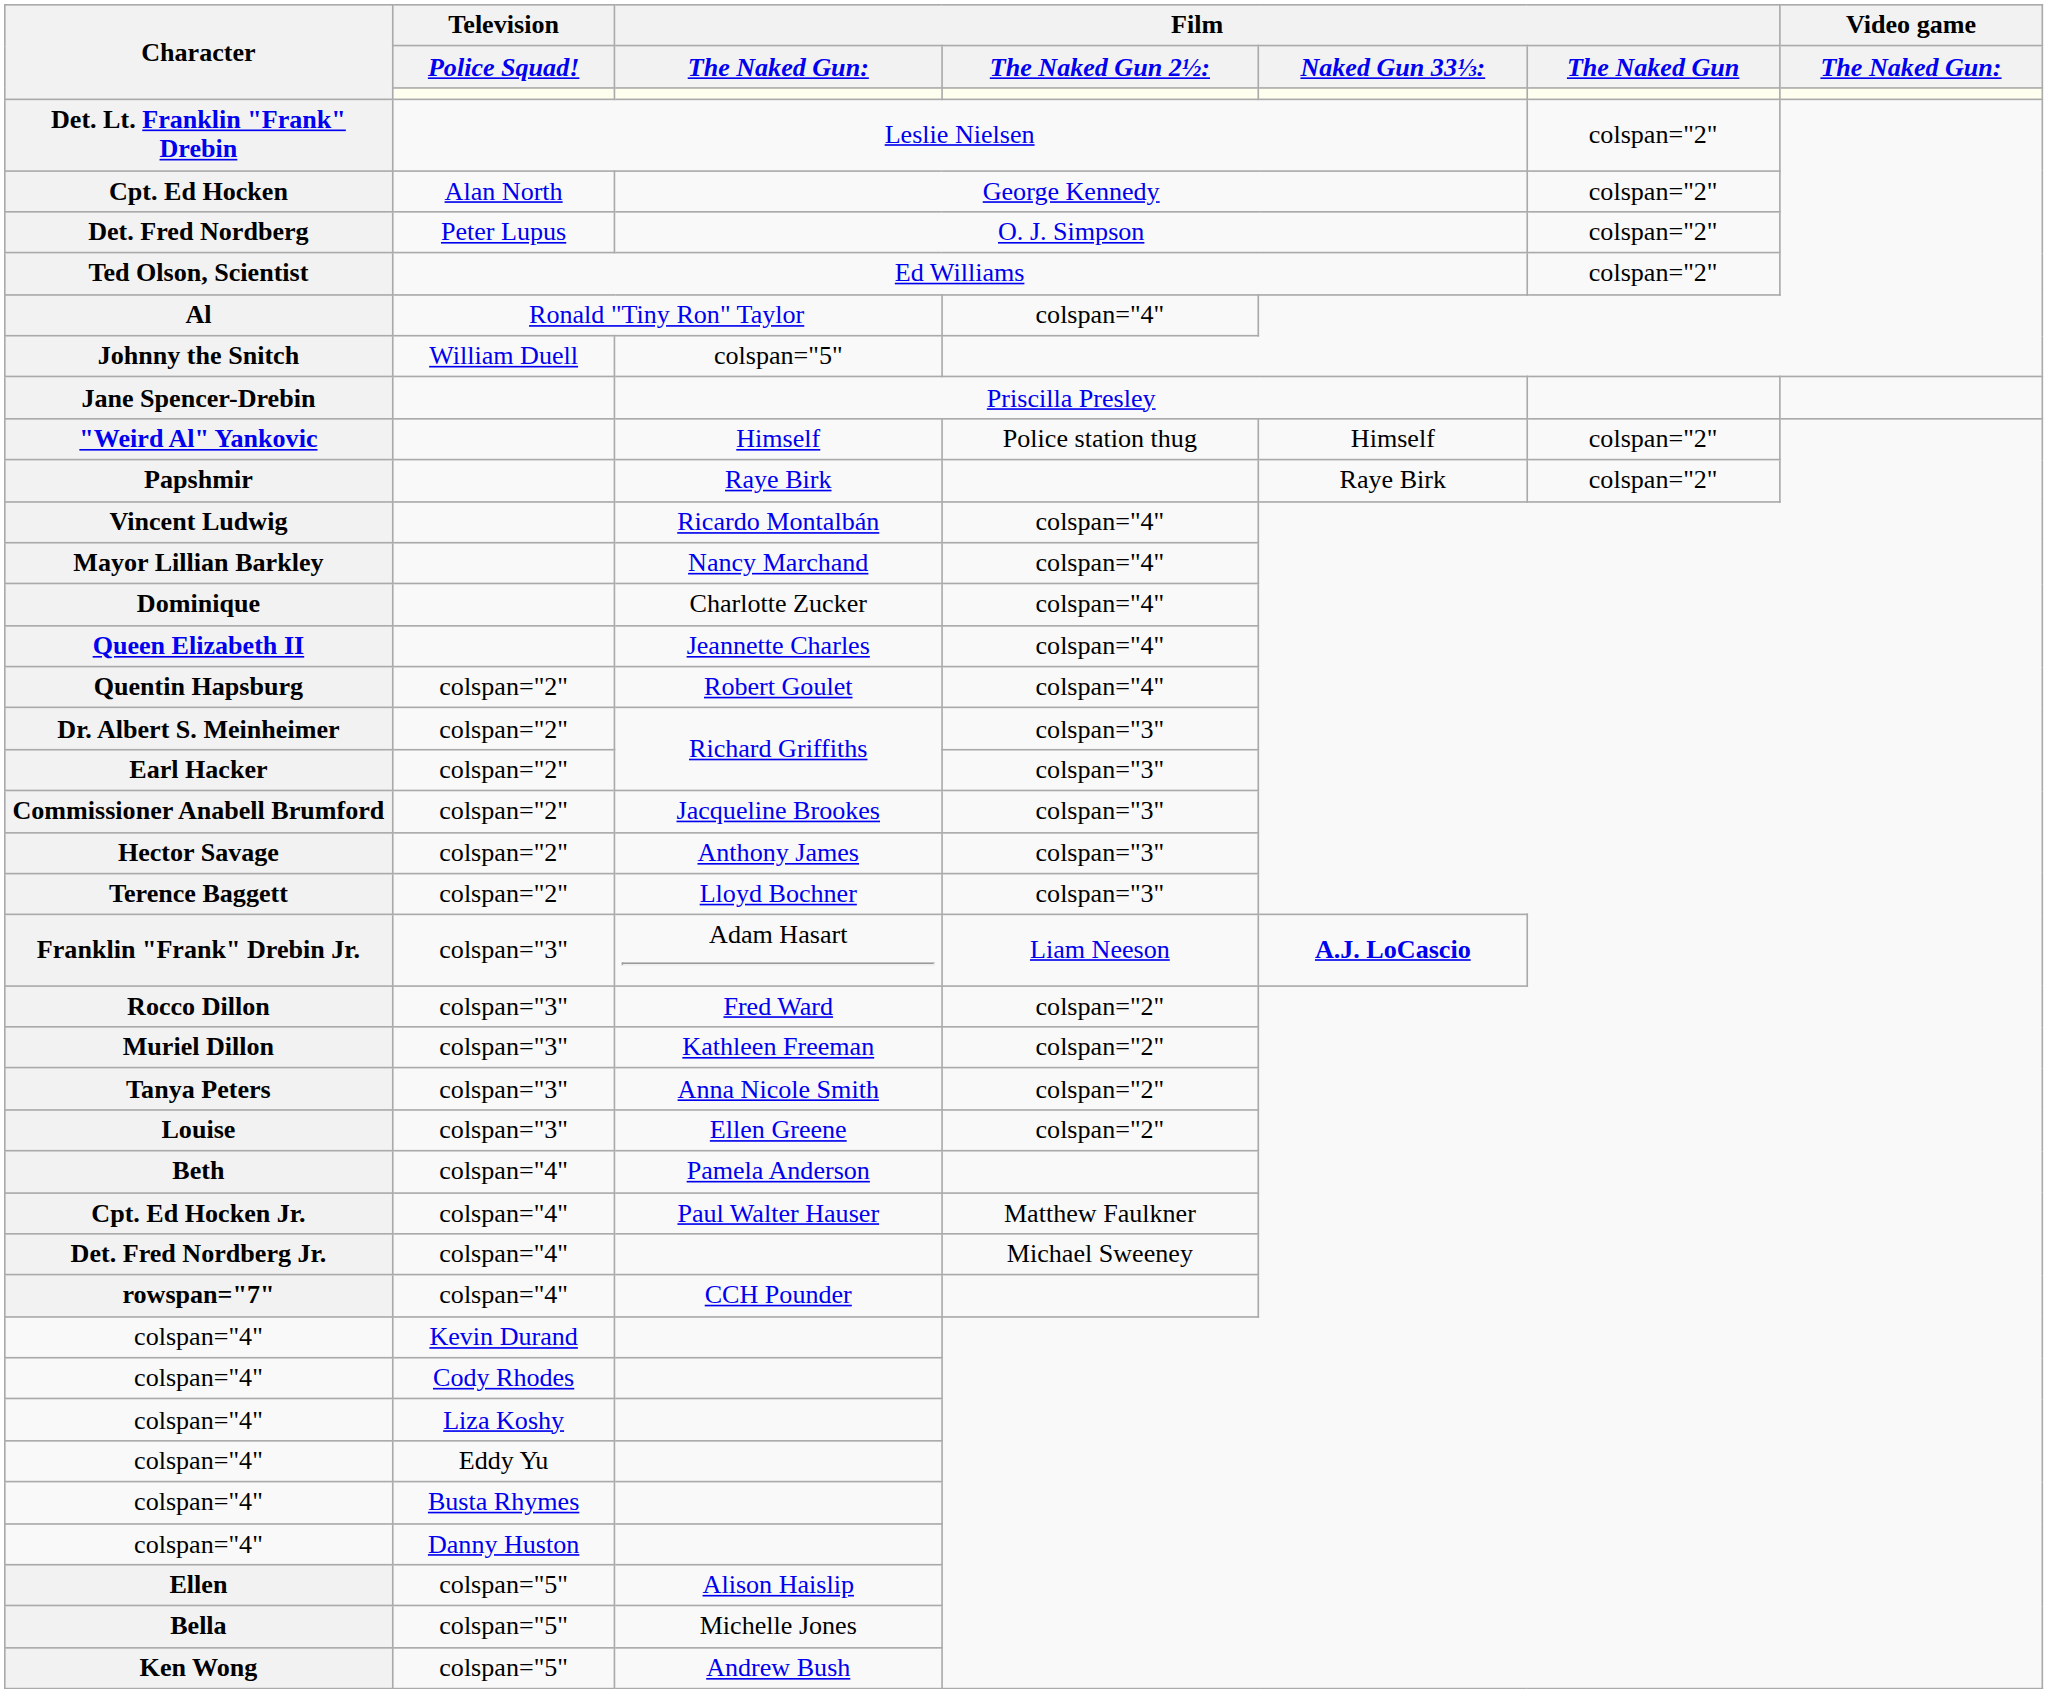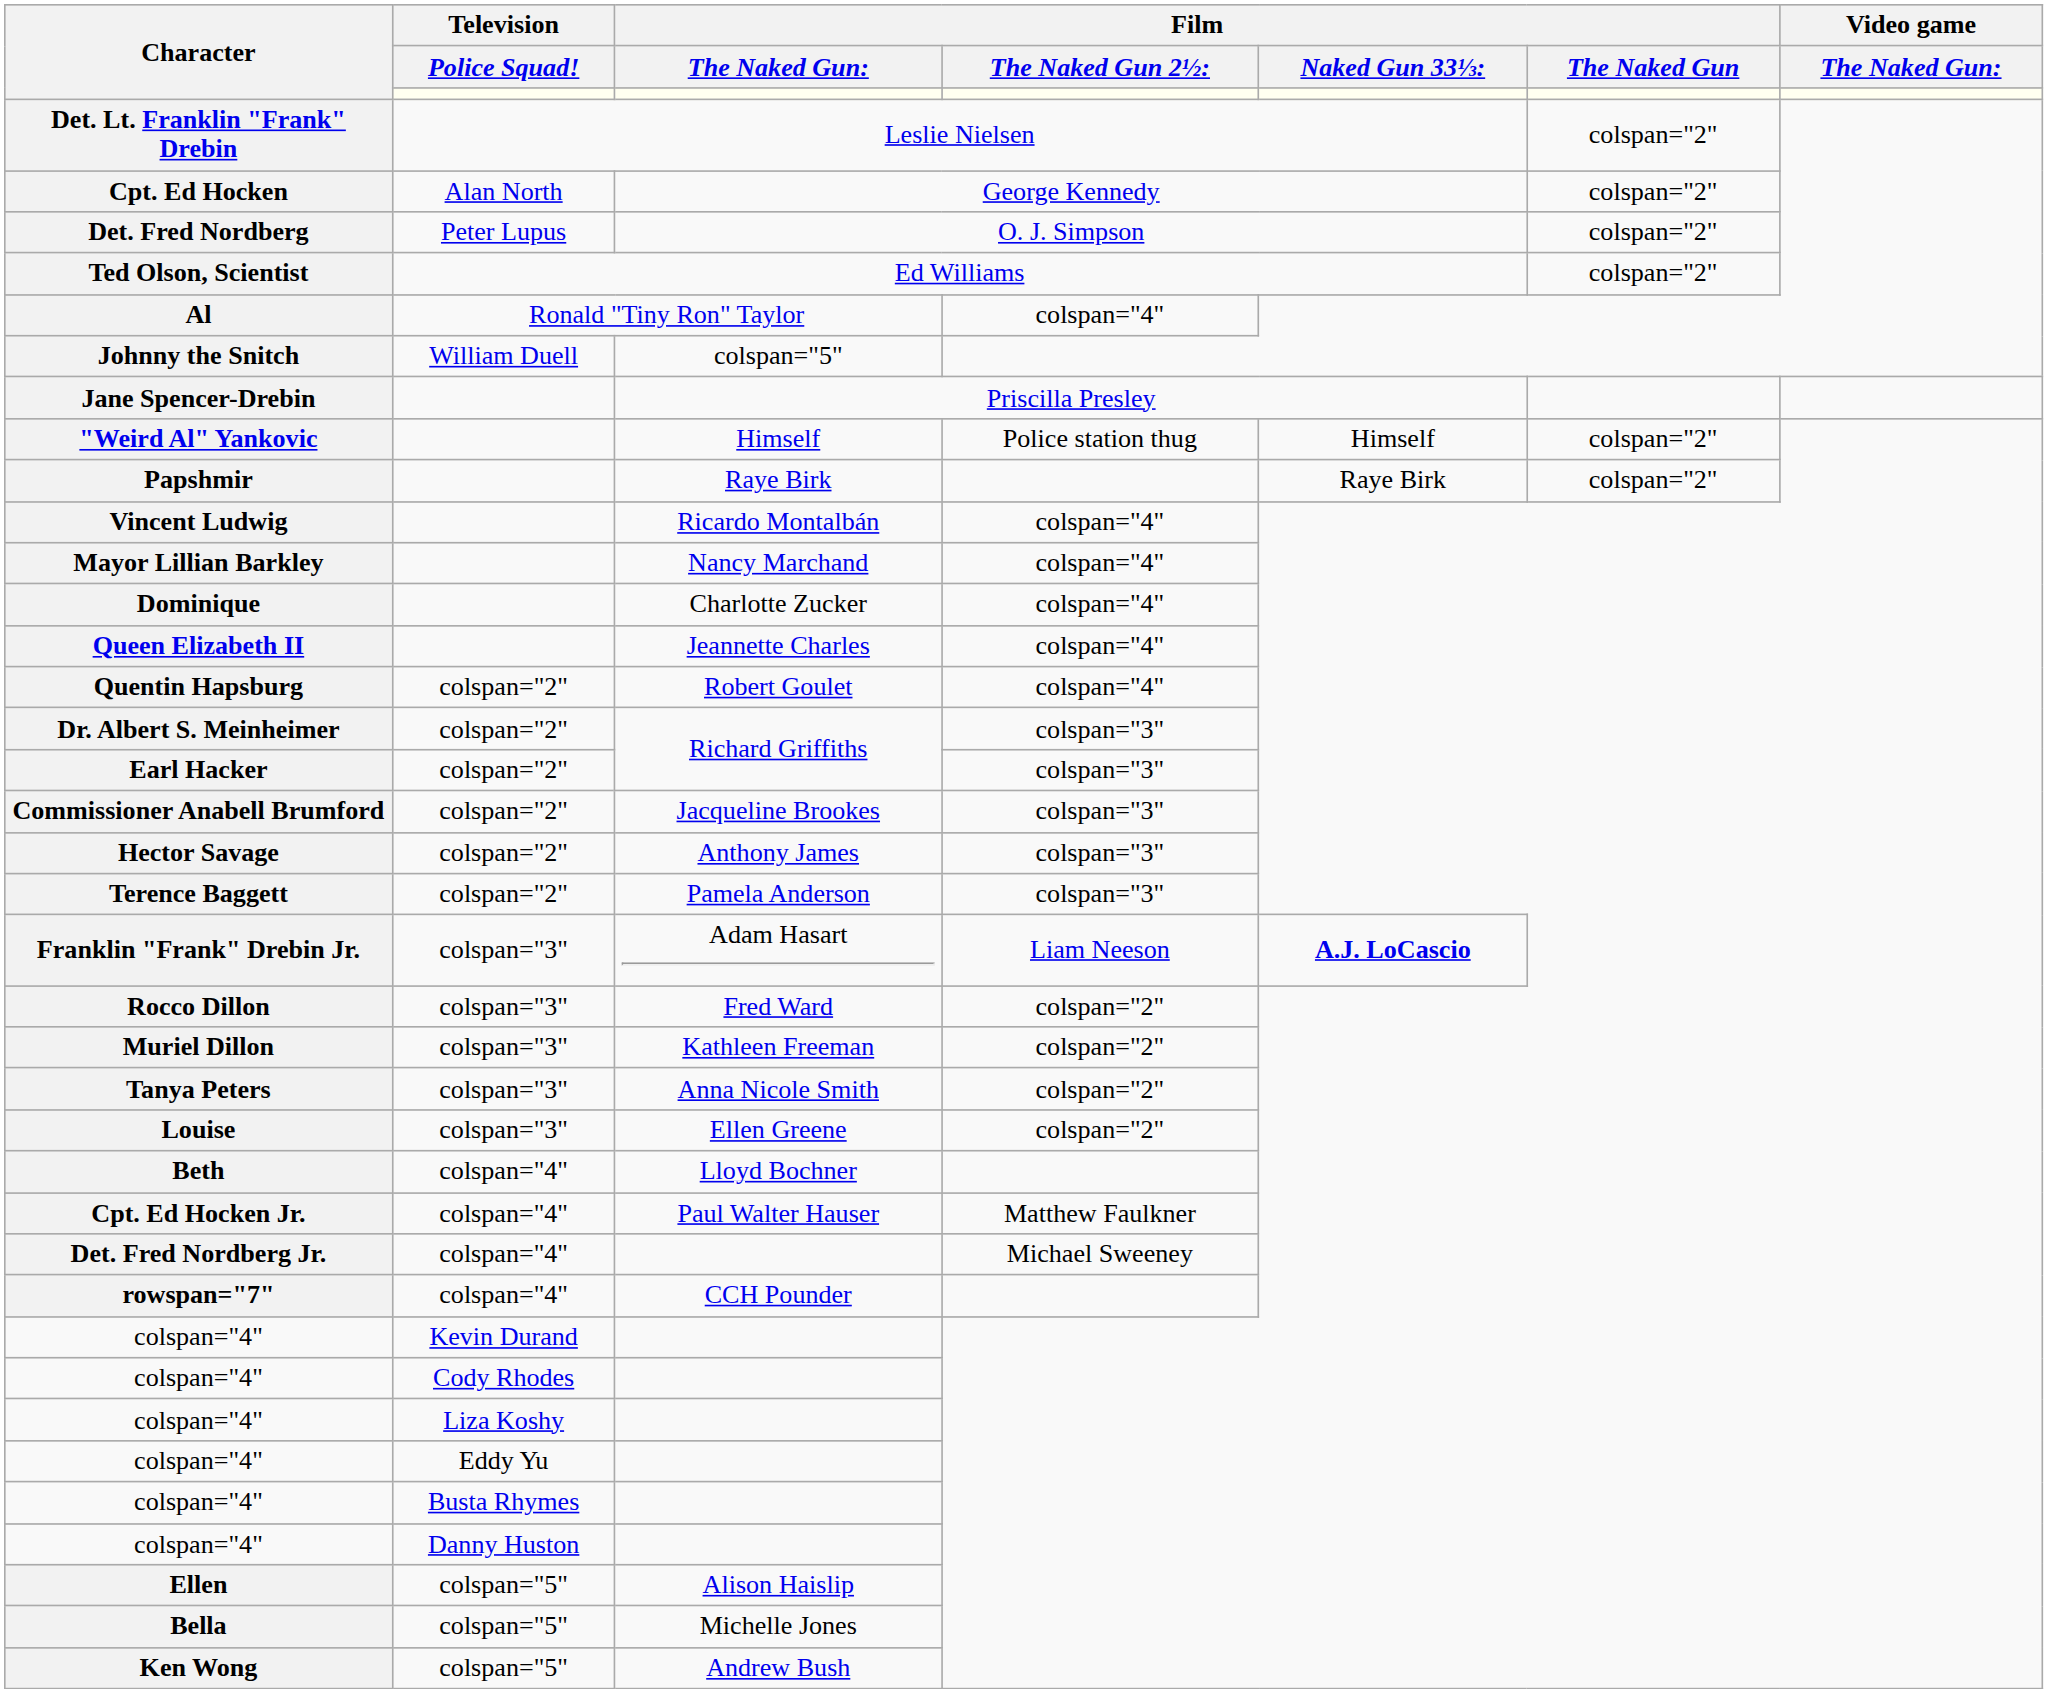 <table class="wikitable" style="text-align:center; width:99%;">
 <tr>
 <th rowspan="3" style="text-align:center; width:19%;">Character</th>
 <th style="text-align:center;">Television</th>
 <th colspan="4" style="text-align:center;">Film</th>
 <th style="text-align:center;">Video game</th>
 </tr>
 <tr>
 <th style="text-align:center;"><em><a href='#'>Police Squad!</a></em></th>
 <th style="text-align:center; width:16%;"><em><a href='#'>The Naked Gun: <br></a></em></th>
 <th style="text-align:center;"><em><a href='#'>The Naked Gun 2½: <br></a></em></th>
 <th style="text-align:center;"><em><a href='#'>Naked Gun 33⅓: <br></a></em></th>
 <th style="text-align:center;"><em><a href='#'>The Naked Gun</a></em></th>
 <th style="text-align:center;"><em><a href='#'>The Naked Gun:<br></a></em></th>
 </tr>
 <tr>
 <td style="background:ivory;"></td>
 <td style="background:ivory;"></td>
 <td style="background:ivory;"></td>
 <td style="background:ivory;"></td>
 <td style="background:ivory;"></td>
 <td style="background:ivory;"></td>
 </tr>
 <tr>
 <th scope="row">Det. Lt. <a href='#'>Franklin "Frank" Drebin</a></th>
 <td colspan="4"><a href='#'>Leslie Nielsen</a></td>
 <td>colspan="2" </td>
 </tr>
 <tr>
 <th scope="row">Cpt. Ed Hocken</th>
 <td><a href='#'>Alan North</a></td>
 <td colspan="3"><a href='#'>George Kennedy</a></td>
 <td>colspan="2" </td>
 </tr>
 <tr>
 <th scope="row">Det. Fred Nordberg</th>
 <td><a href='#'>Peter Lupus</a></td>
 <td colspan="3"><a href='#'>O. J. Simpson</a></td>
 <td>colspan="2" </td>
 </tr>
 <tr>
 <th scope="row">Ted Olson, Scientist</th>
 <td colspan="4"><a href='#'>Ed Williams</a></td>
 <td>colspan="2" </td>
 </tr>
 <tr>
 <th scope="row">Al</th>
 <td colspan="2"><a href='#'>Ronald "Tiny Ron" Taylor</a></td>
 <td>colspan="4" </td>
 </tr>
 <tr>
 <th scope="row">Johnny the Snitch</th>
 <td><a href='#'>William Duell</a></td>
 <td>colspan="5" </td>
 </tr>
 <tr>
 <th scope="row">Jane Spencer-Drebin</th>
 <td></td>
 <td colspan="3"><a href='#'>Priscilla Presley</a></td>
 <td></td>
 <td></td>
 </tr>
 <tr>
 <th scope="row"><a href='#'>"Weird Al" Yankovic</a></th>
 <td></td>
 <td><a href='#'>Himself</a></td>
 <td>Police station thug</td>
 <td>Himself</td>
 <td>colspan="2" </td>
 </tr>
 <tr>
 <th scope="row">Papshmir</th>
 <td></td>
 <td><a href='#'>Raye Birk</a></td>
 <td></td>
 <td>Raye Birk</td>
 <td>colspan="2" </td>
 </tr>
 <tr>
 <th scope="row">Vincent Ludwig</th>
 <td></td>
 <td><a href='#'>Ricardo Montalbán</a></td>
 <td>colspan="4" </td>
 </tr>
 <tr>
 <th scope="row">Mayor Lillian Barkley</th>
 <td></td>
 <td><a href='#'>Nancy Marchand</a></td>
 <td>colspan="4" </td>
 </tr>
 <tr>
 <th scope="row">Dominique</th>
 <td></td>
 <td>Charlotte Zucker</td>
 <td>colspan="4" </td>
 </tr>
 <tr>
 <th scope="row"><a href='#'>Queen Elizabeth II</a></th>
 <td></td>
 <td><a href='#'>Jeannette Charles</a></td>
 <td>colspan="4" </td>
 </tr>
 <tr>
 <th scope="row">Quentin Hapsburg</th>
 <td>colspan="2" </td>
 <td><a href='#'>Robert Goulet</a></td>
 <td>colspan="4" </td>
 </tr>
 <tr>
 <th scope="row">Dr. Albert S. Meinheimer</th>
 <td>colspan="2" </td>
 <td rowspan="2"><a href='#'>Richard Griffiths</a></td>
 <td>colspan="3" </td>
 </tr>
 <tr>
 <th scope="row">Earl Hacker</th>
 <td>colspan="2" </td>
 <td>colspan="3" </td>
 </tr>
 <tr>
 <th scope="row">Commissioner Anabell Brumford</th>
 <td>colspan="2" </td>
 <td><a href='#'>Jacqueline Brookes</a></td>
 <td>colspan="3" </td>
 </tr>
 <tr>
 <th scope="row">Hector Savage</th>
 <td>colspan="2" </td>
 <td><a href='#'>Anthony James</a></td>
 <td>colspan="3" </td>
 </tr>
 <tr>
 <th scope="row">Terence Baggett</th>
 <td>colspan="2" </td>
-<td><a href='#'>Lloyd Bochner</a></td>
+<td><a href='#'>Pamela Anderson</a></td>
 <td>colspan="3" </td>
 </tr>
 <tr>
 <th scope="row">Franklin "Frank" Drebin Jr.</th>
 <td>colspan="3" </td>
 <td>Adam Hasart<hr></td>
 <td><a href='#'>Liam Neeson</a></td>
 <td><strong><a href='#'>A.J. LoCascio</a></strong></td>
 </tr>
 <tr>
 <th scope="row">Rocco Dillon</th>
 <td>colspan="3" </td>
 <td><a href='#'>Fred Ward</a></td>
 <td>colspan="2" </td>
 </tr>
 <tr>
 <th scope="row">Muriel Dillon</th>
 <td>colspan="3" </td>
 <td><a href='#'>Kathleen Freeman</a></td>
 <td>colspan="2" </td>
 </tr>
 <tr>
 <th scope="row">Tanya Peters</th>
 <td>colspan="3" </td>
 <td><a href='#'>Anna Nicole Smith</a></td>
 <td>colspan="2" </td>
 </tr>
 <tr>
 <th scope="row">Louise</th>
 <td>colspan="3" </td>
 <td><a href='#'>Ellen Greene</a></td>
 <td>colspan="2" </td>
 </tr>
 <tr>
 <th scope="row">Beth</th>
 <td>colspan="4" </td>
-<td><a href='#'>Pamela Anderson</a></td>
+<td><a href='#'>Lloyd Bochner</a></td>
 <td></td>
 </tr>
 <tr>
 <th scope="row">Cpt. Ed Hocken Jr.</th>
 <td>colspan="4" </td>
 <td><a href='#'>Paul Walter Hauser</a></td>
 <td>Matthew Faulkner</td>
 </tr>
 <tr>
 <th scope="row">Det. Fred Nordberg Jr.</th>
 <td>colspan="4" </td>
 <td></td>
 <td>Michael Sweeney</td>
 </tr>
 <tr>
 <th>rowspan="7" </th>
 <td>colspan="4" </td>
 <td><a href='#'>CCH Pounder</a></td>
 <td></td>
 </tr>
 <tr>
 <td>colspan="4" </td>
 <td><a href='#'>Kevin Durand</a></td>
 <td></td>
 </tr>
 <tr>
 <td>colspan="4" </td>
 <td><a href='#'>Cody Rhodes</a></td>
 <td></td>
 </tr>
 <tr>
 <td>colspan="4" </td>
 <td><a href='#'>Liza Koshy</a></td>
 <td></td>
 </tr>
 <tr>
 <td>colspan="4" </td>
 <td>Eddy Yu</td>
 <td></td>
 </tr>
 <tr>
 <td>colspan="4" </td>
 <td><a href='#'>Busta Rhymes</a></td>
 <td></td>
 </tr>
 <tr>
 <td>colspan="4" </td>
 <td><a href='#'>Danny Huston</a></td>
 <td></td>
 </tr>
 <tr>
 <th>Ellen</th>
 <td>colspan="5" </td>
 <td><a href='#'>Alison Haislip</a></td>
 </tr>
 <tr>
 <th>Bella</th>
 <td>colspan="5" </td>
 <td>Michelle Jones</td>
 </tr>
 <tr>
 <th>Ken Wong</th>
 <td>colspan="5" </td>
 <td><a href='#'>Andrew Bush</a></td>
 </tr>
 </table>
